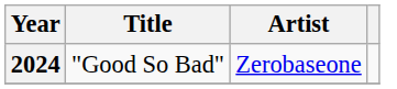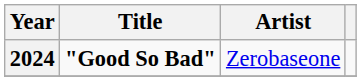 <table class="wikitable plainrowheaders sortable">
 <tr>
 <th scope="col">Year</th>
 <th scope="col">Title</th>
 <th scope="col">Artist</th>
 <th scope="col" class="unsortable"></th>
 </tr>
 <tr>
 <th scope="row">2024</th>
-<td>"Good So Bad"</td>
+<td><strong>"Good So Bad"</strong></td>
 <td><a href='#'>Zerobaseone</a></td>
 <td style="text-align:center"></td>
 </tr>
 <tr>
 </tr>
 </table>
